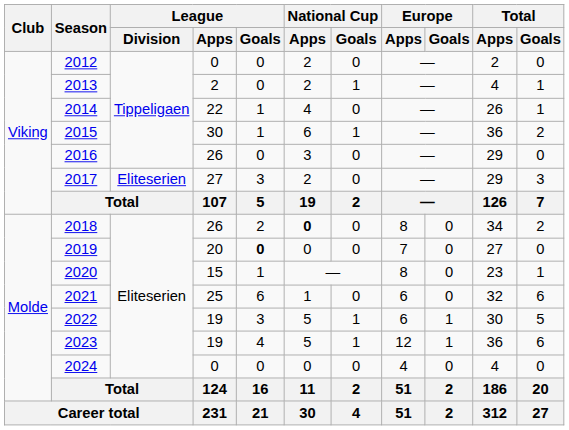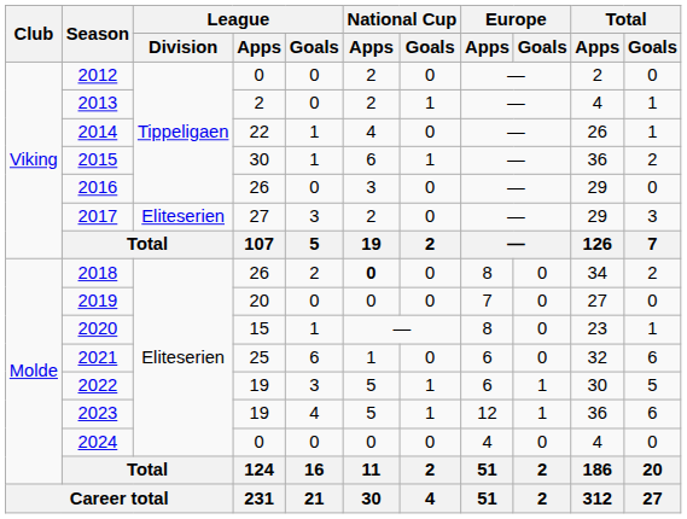 <table class="wikitable" style="text-align: center;">
 <tr>
 <th rowspan="2">Club</th>
 <th rowspan="2">Season</th>
 <th colspan="3">League</th>
 <th colspan="2">National Cup</th>
 <th colspan="2">Europe</th>
 <th colspan="2">Total</th>
 </tr>
 <tr>
 <th>Division</th>
 <th>Apps</th>
 <th>Goals</th>
 <th>Apps</th>
 <th>Goals</th>
 <th>Apps</th>
 <th>Goals</th>
 <th>Apps</th>
 <th>Goals</th>
 </tr>
 <tr>
 <td rowspan="7"><a href='#'>Viking</a></td>
 <td><a href='#'>2012</a></td>
 <td rowspan="5"><a href='#'>Tippeligaen</a></td>
 <td>0</td>
 <td>0</td>
 <td>2</td>
 <td>0</td>
 <td colspan="2">—</td>
 <td>2</td>
 <td>0</td>
 </tr>
 <tr>
 <td><a href='#'>2013</a></td>
 <td>2</td>
 <td>0</td>
 <td>2</td>
 <td>1</td>
 <td colspan="2">—</td>
 <td>4</td>
 <td>1</td>
 </tr>
 <tr>
 <td><a href='#'>2014</a></td>
 <td>22</td>
 <td>1</td>
 <td>4</td>
 <td>0</td>
 <td colspan="2">—</td>
 <td>26</td>
 <td>1</td>
 </tr>
 <tr>
 <td><a href='#'>2015</a></td>
 <td>30</td>
 <td>1</td>
 <td>6</td>
 <td>1</td>
 <td colspan="2">—</td>
 <td>36</td>
 <td>2</td>
 </tr>
 <tr>
 <td><a href='#'>2016</a></td>
 <td>26</td>
 <td>0</td>
 <td>3</td>
 <td>0</td>
 <td colspan="2">—</td>
 <td>29</td>
 <td>0</td>
 </tr>
 <tr>
 <td><a href='#'>2017</a></td>
 <td><a href='#'>Eliteserien</a></td>
 <td>27</td>
 <td>3</td>
 <td>2</td>
 <td>0</td>
 <td colspan="2">—</td>
 <td>29</td>
 <td>3</td>
 </tr>
 <tr>
 <th colspan="2">Total</th>
 <th>107</th>
 <th>5</th>
 <th>19</th>
 <th>2</th>
 <th colspan="2">—</th>
 <th>126</th>
 <th>7</th>
 </tr>
 <tr>
 <td rowspan="8"><a href='#'>Molde</a></td>
 <td><a href='#'>2018</a></td>
 <td rowspan="7">Eliteserien</td>
 <td>26</td>
 <td>2</td>
 <td><strong>0</strong></td>
 <td>0</td>
 <td>8</td>
 <td>0</td>
 <td>34</td>
 <td>2</td>
 </tr>
 <tr>
 <td><a href='#'>2019</a></td>
 <td>20</td>
-<td><strong>0</strong></td>
+<td>0</td>
 <td>0</td>
 <td>0</td>
 <td>7</td>
 <td>0</td>
 <td>27</td>
 <td>0</td>
 </tr>
 <tr>
 <td><a href='#'>2020</a></td>
 <td>15</td>
 <td>1</td>
 <td colspan="2">—</td>
 <td>8</td>
 <td>0</td>
 <td>23</td>
 <td>1</td>
 </tr>
 <tr>
 <td><a href='#'>2021</a></td>
 <td>25</td>
 <td>6</td>
 <td>1</td>
 <td>0</td>
 <td>6</td>
 <td>0</td>
 <td>32</td>
 <td>6</td>
 </tr>
 <tr>
 <td><a href='#'>2022</a></td>
 <td>19</td>
 <td>3</td>
 <td>5</td>
 <td>1</td>
 <td>6</td>
 <td>1</td>
 <td>30</td>
 <td>5</td>
 </tr>
 <tr>
 <td><a href='#'>2023</a></td>
 <td>19</td>
 <td>4</td>
 <td>5</td>
 <td>1</td>
 <td>12</td>
 <td>1</td>
 <td>36</td>
 <td>6</td>
 </tr>
 <tr>
 <td><a href='#'>2024</a></td>
 <td>0</td>
 <td>0</td>
 <td>0</td>
 <td>0</td>
 <td>4</td>
 <td>0</td>
 <td>4</td>
 <td>0</td>
 </tr>
 <tr>
 <th colspan="2">Total</th>
 <th>124</th>
 <th>16</th>
 <th>11</th>
 <th>2</th>
 <th>51</th>
 <th>2</th>
 <th>186</th>
 <th>20</th>
 </tr>
 <tr>
 <th colspan="3">Career total</th>
 <th>231</th>
 <th>21</th>
 <th>30</th>
 <th>4</th>
 <th>51</th>
 <th>2</th>
 <th>312</th>
 <th>27</th>
 </tr>
 </table>
